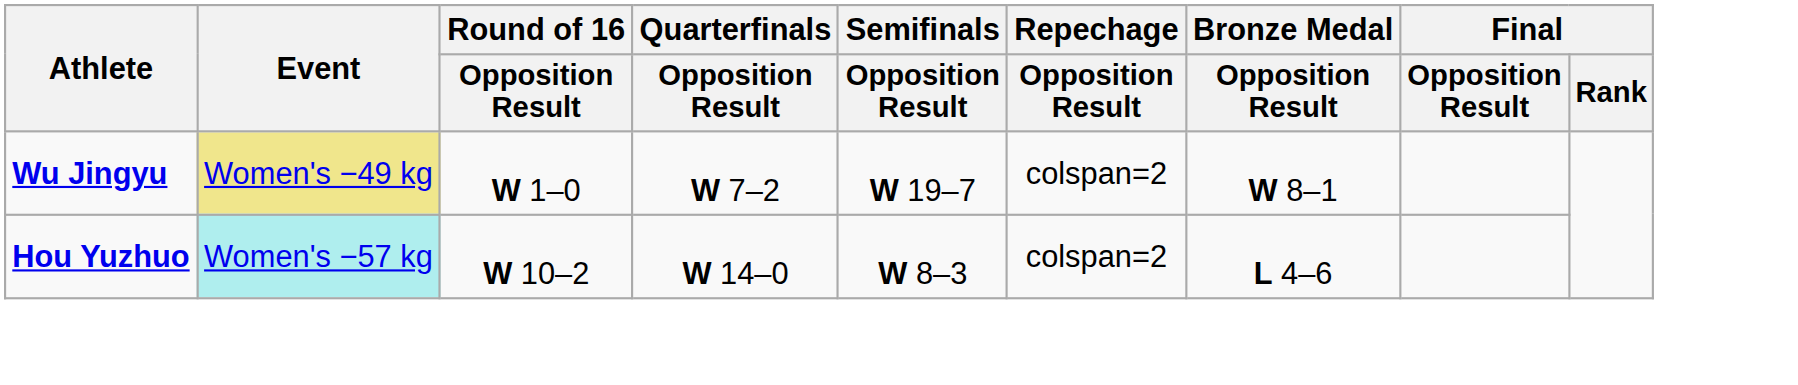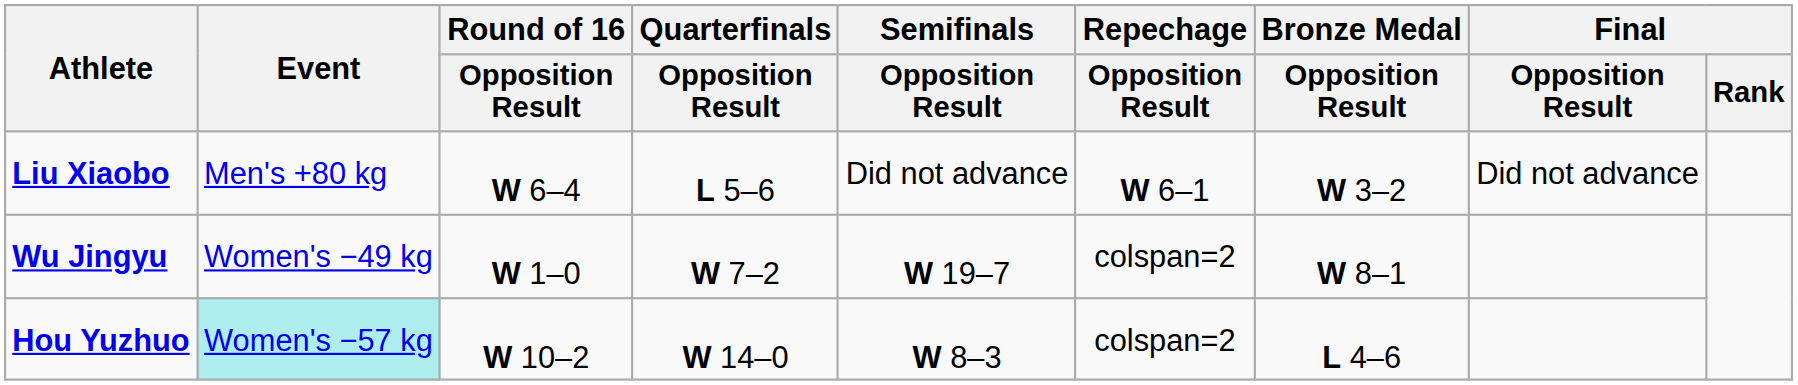 <table class="wikitable" style="font-size:90%">
 <tr>
 <th rowspan=2>Athlete</th>
 <th rowspan=2>Event</th>
 <th>Round of 16</th>
 <th>Quarterfinals</th>
 <th>Semifinals</th>
 <th>Repechage</th>
 <th>Bronze Medal</th>
 <th colspan=2>Final</th>
 </tr>
 <tr style="font-size:95%">
 <th>Opposition<br>Result</th>
 <th>Opposition<br>Result</th>
 <th>Opposition<br>Result</th>
 <th>Opposition<br>Result</th>
 <th>Opposition<br>Result</th>
 <th>Opposition<br>Result</th>
 <th>Rank</th>
 </tr>
 <tr align=center>
+<td align=left><strong><a href='#'>Liu Xiaobo</a></strong></td>
+<td align=left><a href='#'>Men's +80 kg</a></td>
+<td><br><strong>W</strong> 6–4</td>
+<td><br><strong>L</strong> 5–6 </td>
+<td>Did not advance</td>
+<td><br><strong>W</strong> 6–1</td>
+<td><br><strong>W</strong> 3–2</td>
+<td>Did not advance</td>
+<td></td>
+</tr>
+<tr align=center>
 <td align=left><strong><a href='#'>Wu Jingyu</a></strong></td>
-<td align=left style="background: khaki;"><a href='#'>Women's −49 kg</a></td>
+<td align=left><a href='#'>Women's −49 kg</a></td>
 <td><br><strong>W</strong> 1–0 </td>
 <td><br><strong>W</strong> 7–2</td>
 <td><br><strong>W</strong> 19–7</td>
 <td>colspan=2 </td>
 <td><br><strong>W</strong> 8–1</td>
 <td></td>
 </tr>
 <tr align=center>
 <td align=left><strong><a href='#'>Hou Yuzhuo</a></strong></td>
 <td align=left style="background: paleturquoise;"><a href='#'>Women's −57 kg</a></td>
 <td><br><strong>W</strong> 10–2</td>
 <td><br><strong>W</strong> 14–0 </td>
 <td><br><strong>W</strong> 8–3</td>
 <td>colspan=2 </td>
 <td><br><strong>L</strong> 4–6</td>
 <td></td>
 </tr>
 </table>
